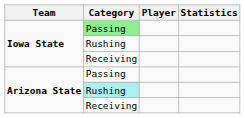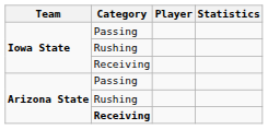 <table class="wikitable" style="float: right;">
 <tr>
 <th>Team</th>
 <th>Category</th>
 <th>Player</th>
 <th>Statistics</th>
 </tr>
 <tr>
 <td rowspan=3><strong>Iowa State</strong></td>
-<td style="background: lightgreen;">Passing</td>
+<td>Passing</td>
 <td></td>
 <td></td>
 </tr>
 <tr>
 <td>Rushing</td>
 <td></td>
 <td></td>
 </tr>
 <tr>
 <td>Receiving</td>
 <td></td>
 <td></td>
 </tr>
 <tr>
 <td rowspan=3><strong>Arizona State</strong></td>
 <td>Passing</td>
 <td></td>
 <td></td>
 </tr>
 <tr>
-<td style="background: paleturquoise;">Rushing</td>
+<td>Rushing</td>
 <td></td>
 <td></td>
 </tr>
 <tr>
-<td>Receiving</td>
+<td><strong>Receiving</strong></td>
 <td></td>
 <td></td>
 </tr>
 </table>
